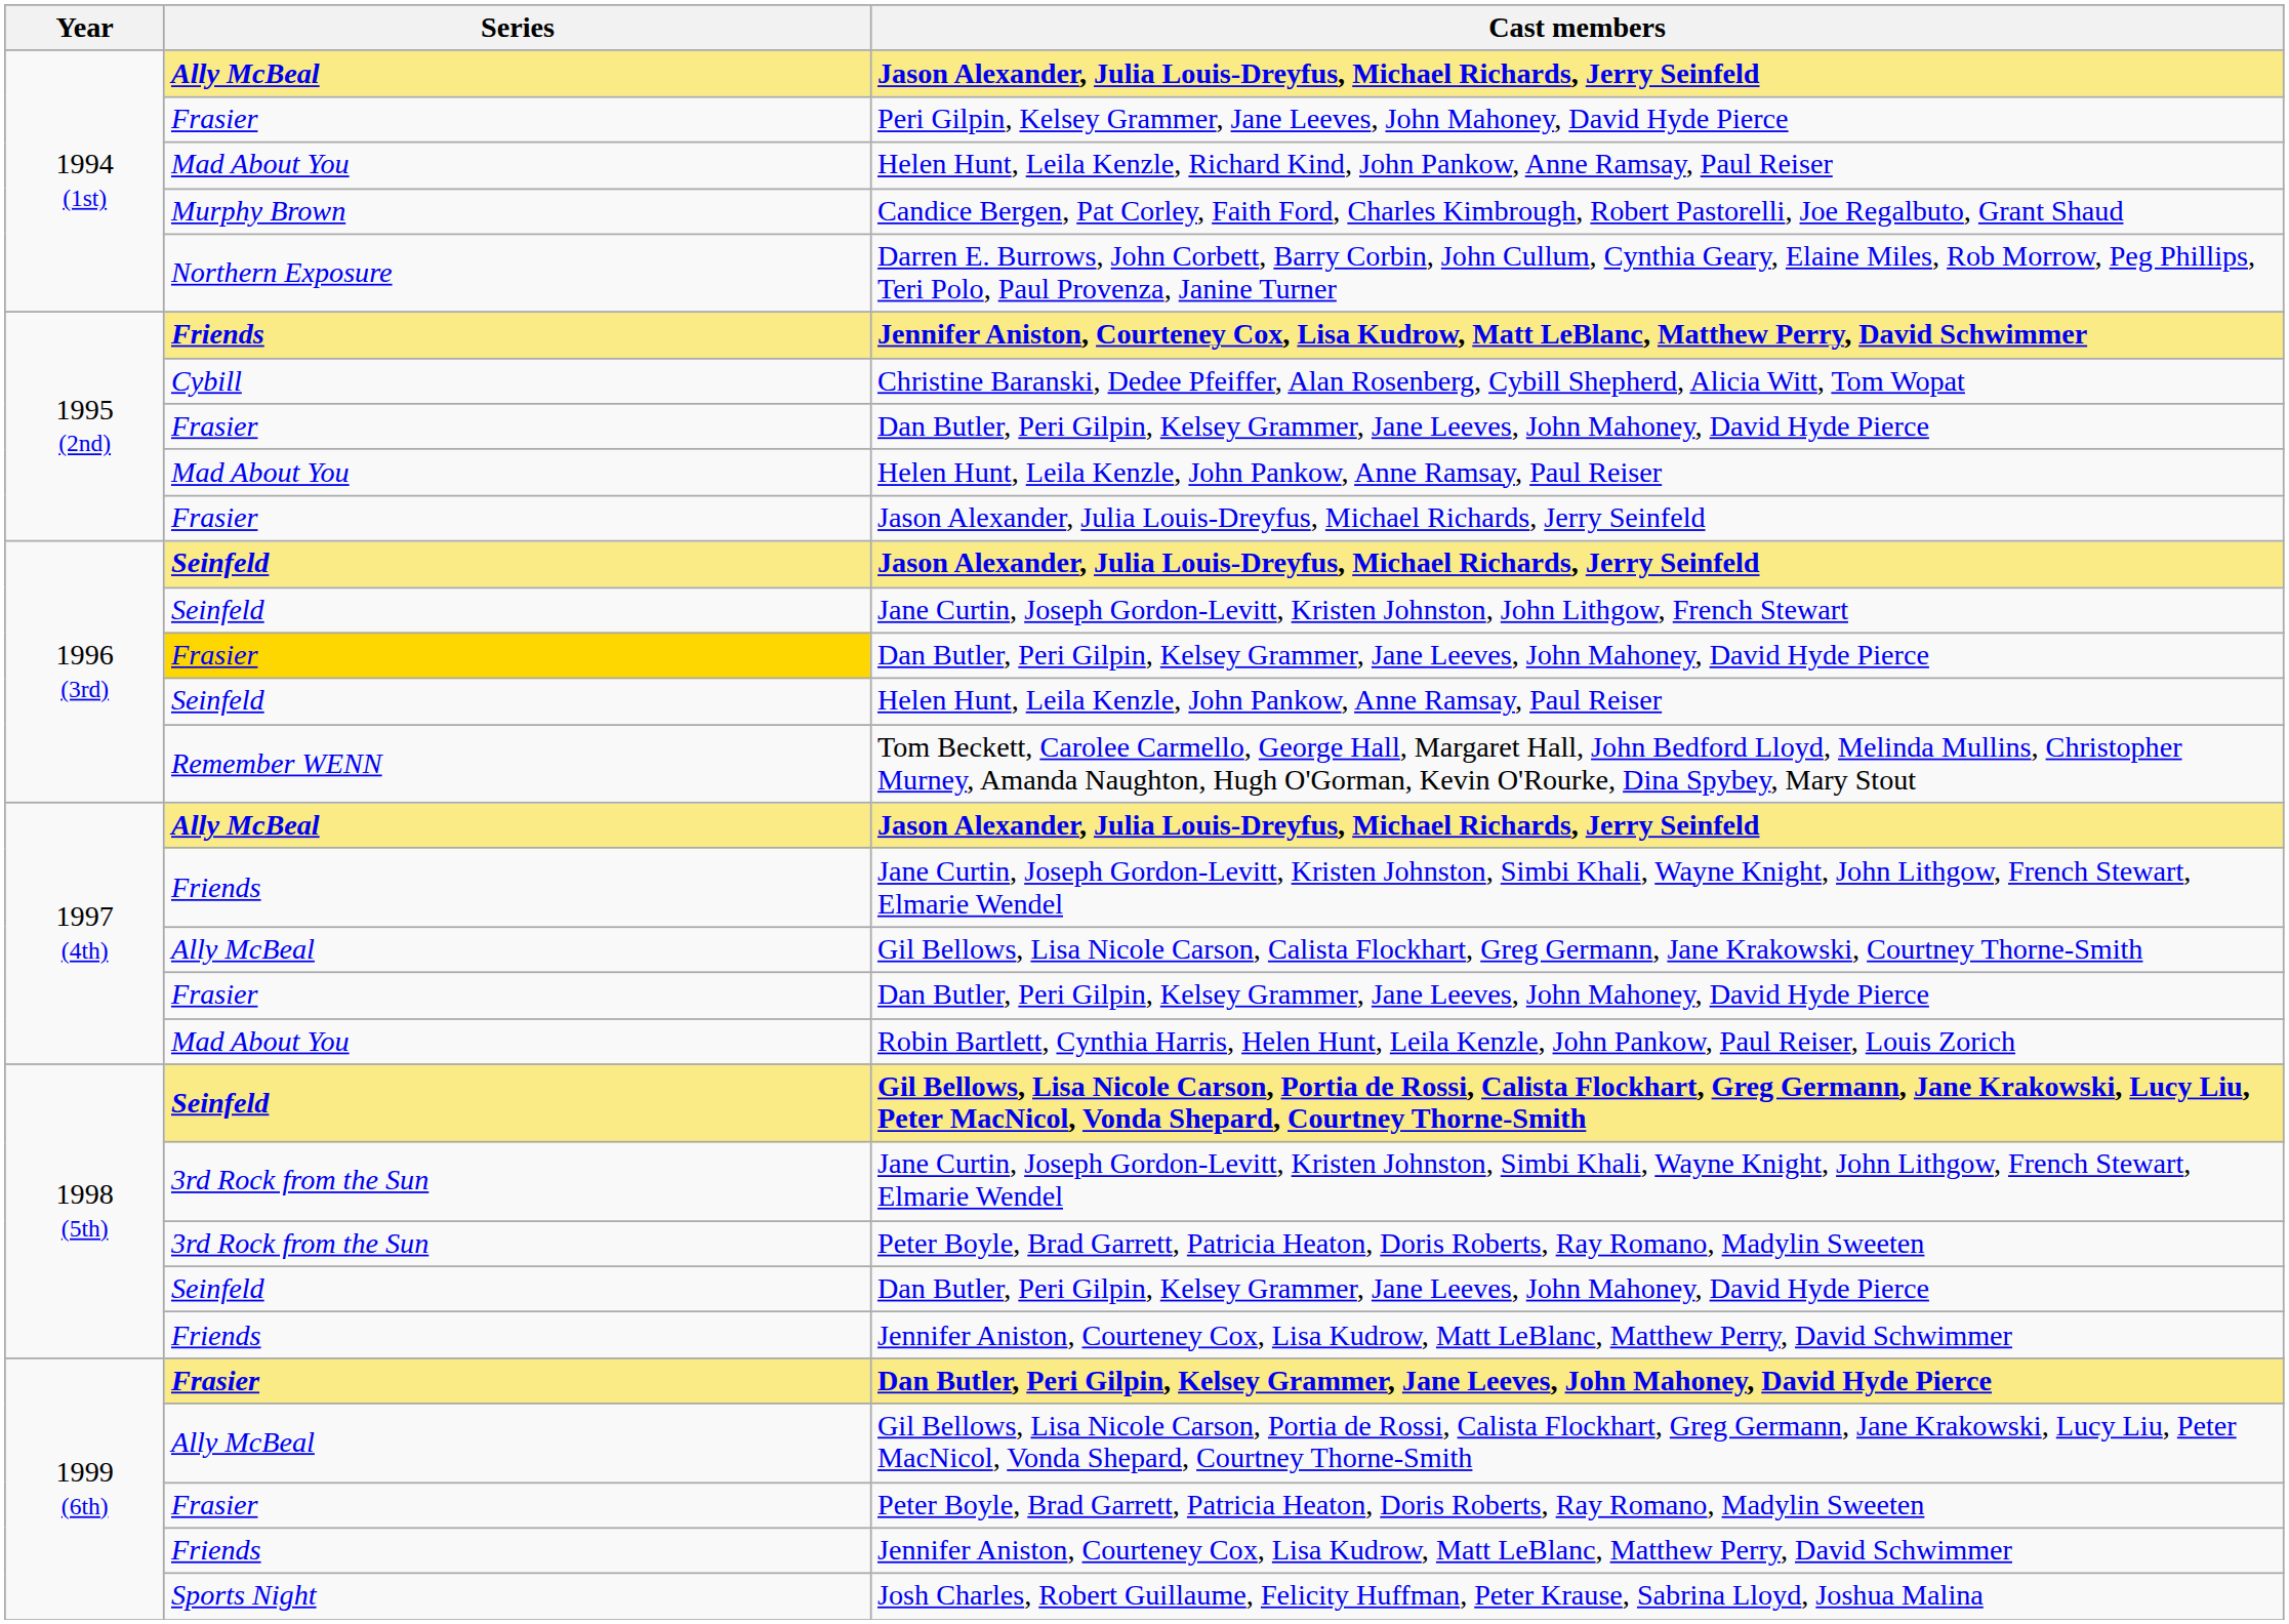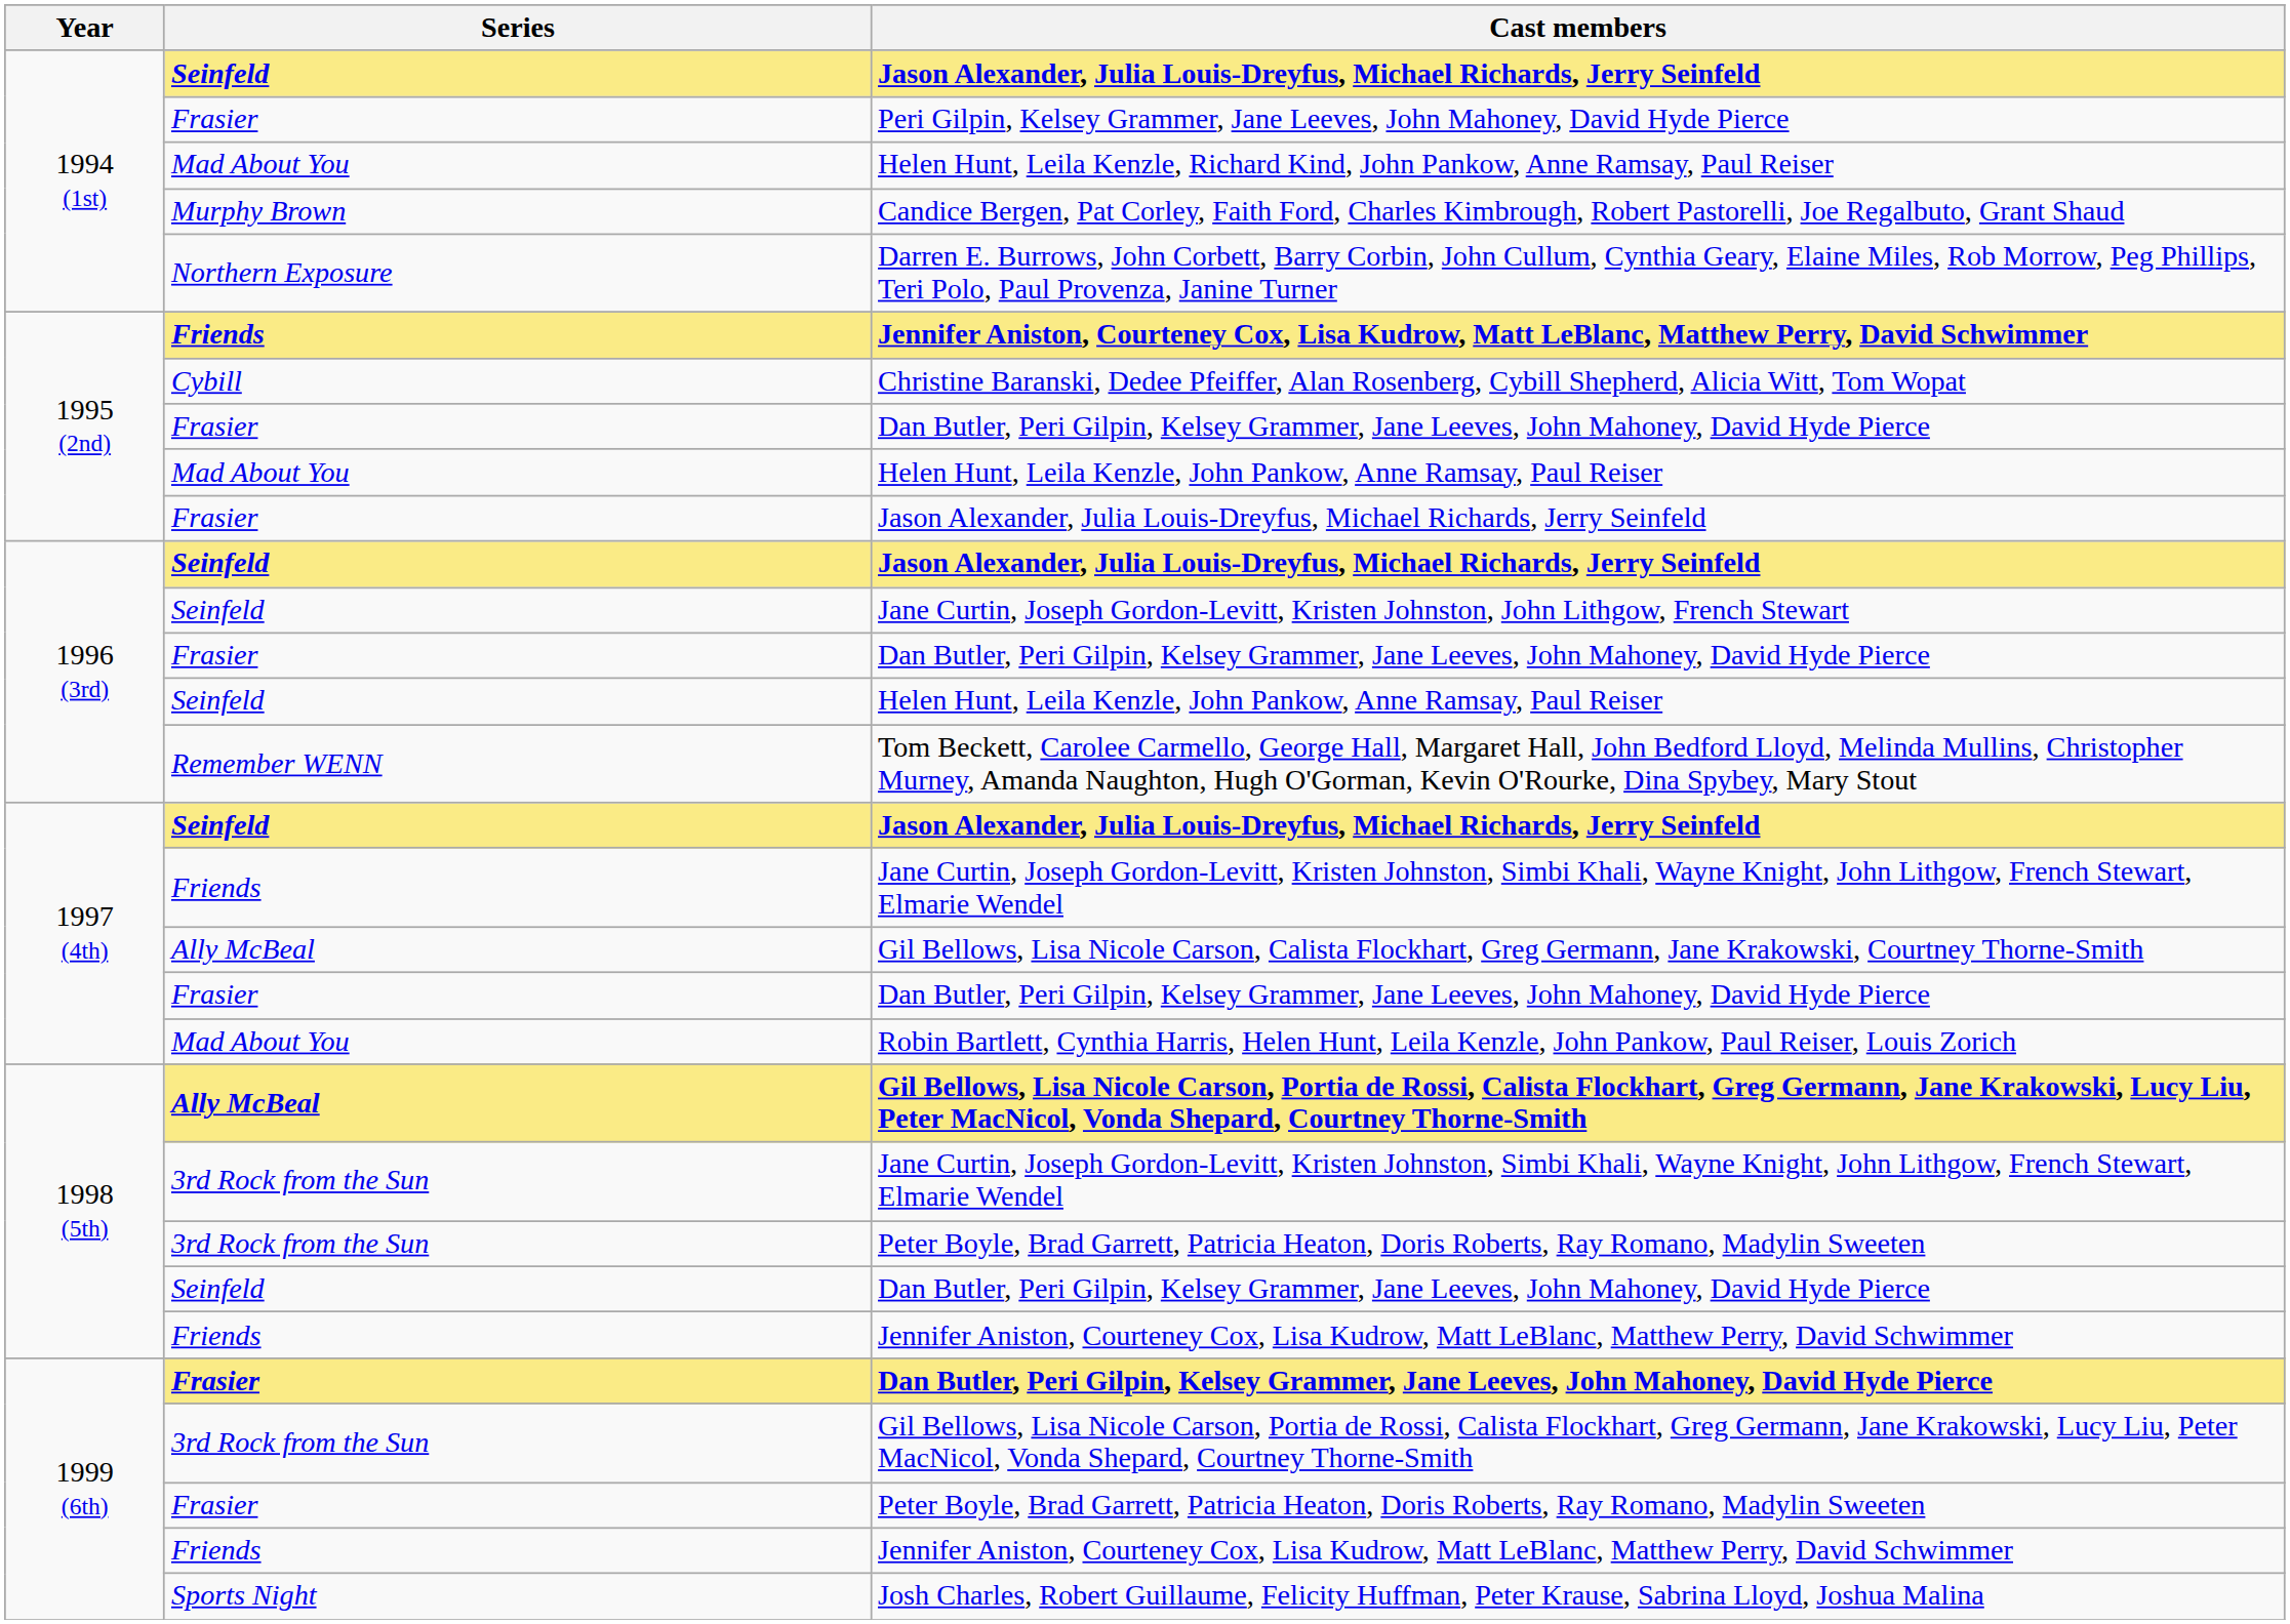 <table class="wikitable" width="100%" cellpadding="5">
 <tr>
 <th width="7%">Year</th>
 <th width="31%">Series</th>
 <th width="62%">Cast members</th>
 </tr>
 <tr>
 <td rowspan="5" align="center">1994<br><small><a href='#'>(1st)</a> </small></td>
-<td style="background:#FAEB86;"><strong><em><a href='#'>Ally McBeal</a></em></strong></td>
+<td style="background:#FAEB86;"><strong><em><a href='#'>Seinfeld</a></em></strong></td>
 <td style="background:#FAEB86;"><strong><a href='#'>Jason Alexander</a>, <a href='#'>Julia Louis-Dreyfus</a>, <a href='#'>Michael Richards</a>, <a href='#'>Jerry Seinfeld</a></strong></td>
 </tr>
 <tr>
 <td><em><a href='#'>Frasier</a></em></td>
 <td><a href='#'>Peri Gilpin</a>, <a href='#'>Kelsey Grammer</a>, <a href='#'>Jane Leeves</a>, <a href='#'>John Mahoney</a>, <a href='#'>David Hyde Pierce</a></td>
 </tr>
 <tr>
 <td><em><a href='#'>Mad About You</a></em></td>
 <td><a href='#'>Helen Hunt</a>, <a href='#'>Leila Kenzle</a>, <a href='#'>Richard Kind</a>, <a href='#'>John Pankow</a>, <a href='#'>Anne Ramsay</a>, <a href='#'>Paul Reiser</a></td>
 </tr>
 <tr>
 <td><em><a href='#'>Murphy Brown</a></em></td>
 <td><a href='#'>Candice Bergen</a>, <a href='#'>Pat Corley</a>, <a href='#'>Faith Ford</a>, <a href='#'>Charles Kimbrough</a>, <a href='#'>Robert Pastorelli</a>, <a href='#'>Joe Regalbuto</a>, <a href='#'>Grant Shaud</a></td>
 </tr>
 <tr>
 <td><em><a href='#'>Northern Exposure</a></em></td>
 <td><a href='#'>Darren E. Burrows</a>, <a href='#'>John Corbett</a>, <a href='#'>Barry Corbin</a>, <a href='#'>John Cullum</a>, <a href='#'>Cynthia Geary</a>, <a href='#'>Elaine Miles</a>, <a href='#'>Rob Morrow</a>, <a href='#'>Peg Phillips</a>, <a href='#'>Teri Polo</a>, <a href='#'>Paul Provenza</a>, <a href='#'>Janine Turner</a></td>
 </tr>
 <tr>
 <td rowspan="5" align="center">1995<br><small><a href='#'>(2nd)</a> </small></td>
 <td style="background:#FAEB86;"><strong><em><a href='#'>Friends</a></em></strong></td>
 <td style="background:#FAEB86;"><strong><a href='#'>Jennifer Aniston</a>, <a href='#'>Courteney Cox</a>, <a href='#'>Lisa Kudrow</a>, <a href='#'>Matt LeBlanc</a>, <a href='#'>Matthew Perry</a>, <a href='#'>David Schwimmer</a></strong></td>
 </tr>
 <tr>
 <td><em><a href='#'>Cybill</a></em></td>
 <td><a href='#'>Christine Baranski</a>, <a href='#'>Dedee Pfeiffer</a>, <a href='#'>Alan Rosenberg</a>, <a href='#'>Cybill Shepherd</a>, <a href='#'>Alicia Witt</a>, <a href='#'>Tom Wopat</a></td>
 </tr>
 <tr>
 <td><em><a href='#'>Frasier</a></em></td>
 <td><a href='#'>Dan Butler</a>, <a href='#'>Peri Gilpin</a>, <a href='#'>Kelsey Grammer</a>, <a href='#'>Jane Leeves</a>, <a href='#'>John Mahoney</a>, <a href='#'>David Hyde Pierce</a></td>
 </tr>
 <tr>
 <td><em><a href='#'>Mad About You</a></em></td>
 <td><a href='#'>Helen Hunt</a>, <a href='#'>Leila Kenzle</a>, <a href='#'>John Pankow</a>, <a href='#'>Anne Ramsay</a>, <a href='#'>Paul Reiser</a></td>
 </tr>
 <tr>
 <td><em><a href='#'>Frasier</a></em></td>
 <td><a href='#'>Jason Alexander</a>, <a href='#'>Julia Louis-Dreyfus</a>, <a href='#'>Michael Richards</a>, <a href='#'>Jerry Seinfeld</a></td>
 </tr>
 <tr>
 <td rowspan="5" align="center">1996<br><small><a href='#'>(3rd)</a> </small></td>
 <td style="background:#FAEB86;"><strong><em><a href='#'>Seinfeld</a></em></strong></td>
 <td style="background:#FAEB86;"><strong><a href='#'>Jason Alexander</a>, <a href='#'>Julia Louis-Dreyfus</a>, <a href='#'>Michael Richards</a>, <a href='#'>Jerry Seinfeld</a></strong></td>
 </tr>
 <tr>
 <td><em><a href='#'>Seinfeld</a></em></td>
 <td><a href='#'>Jane Curtin</a>, <a href='#'>Joseph Gordon-Levitt</a>, <a href='#'>Kristen Johnston</a>, <a href='#'>John Lithgow</a>, <a href='#'>French Stewart</a></td>
 </tr>
 <tr>
-<td style="background: gold;"><em><a href='#'>Frasier</a></em></td>
+<td><em><a href='#'>Frasier</a></em></td>
 <td><a href='#'>Dan Butler</a>, <a href='#'>Peri Gilpin</a>, <a href='#'>Kelsey Grammer</a>, <a href='#'>Jane Leeves</a>, <a href='#'>John Mahoney</a>, <a href='#'>David Hyde Pierce</a></td>
 </tr>
 <tr>
 <td><em><a href='#'>Seinfeld</a></em></td>
 <td><a href='#'>Helen Hunt</a>, <a href='#'>Leila Kenzle</a>, <a href='#'>John Pankow</a>, <a href='#'>Anne Ramsay</a>, <a href='#'>Paul Reiser</a></td>
 </tr>
 <tr>
 <td><em><a href='#'>Remember WENN</a></em></td>
 <td>Tom Beckett, <a href='#'>Carolee Carmello</a>, <a href='#'>George Hall</a>, Margaret Hall, <a href='#'>John Bedford Lloyd</a>, <a href='#'>Melinda Mullins</a>, <a href='#'>Christopher Murney</a>, Amanda Naughton, Hugh O'Gorman, Kevin O'Rourke, <a href='#'>Dina Spybey</a>, Mary Stout</td>
 </tr>
 <tr>
 <td rowspan="5" align="center">1997<br><small><a href='#'>(4th)</a> </small></td>
-<td style="background:#FAEB86;"><strong><em><a href='#'>Ally McBeal</a></em></strong></td>
+<td style="background:#FAEB86;"><strong><em><a href='#'>Seinfeld</a></em></strong></td>
 <td style="background:#FAEB86;"><strong><a href='#'>Jason Alexander</a>, <a href='#'>Julia Louis-Dreyfus</a>, <a href='#'>Michael Richards</a>, <a href='#'>Jerry Seinfeld</a></strong></td>
 </tr>
 <tr>
 <td><em><a href='#'>Friends</a></em></td>
 <td><a href='#'>Jane Curtin</a>, <a href='#'>Joseph Gordon-Levitt</a>, <a href='#'>Kristen Johnston</a>, <a href='#'>Simbi Khali</a>, <a href='#'>Wayne Knight</a>, <a href='#'>John Lithgow</a>, <a href='#'>French Stewart</a>, <a href='#'>Elmarie Wendel</a></td>
 </tr>
 <tr>
 <td><em><a href='#'>Ally McBeal</a></em></td>
 <td><a href='#'>Gil Bellows</a>, <a href='#'>Lisa Nicole Carson</a>, <a href='#'>Calista Flockhart</a>, <a href='#'>Greg Germann</a>, <a href='#'>Jane Krakowski</a>, <a href='#'>Courtney Thorne-Smith</a></td>
 </tr>
 <tr>
 <td><em><a href='#'>Frasier</a></em></td>
 <td><a href='#'>Dan Butler</a>, <a href='#'>Peri Gilpin</a>, <a href='#'>Kelsey Grammer</a>, <a href='#'>Jane Leeves</a>, <a href='#'>John Mahoney</a>, <a href='#'>David Hyde Pierce</a></td>
 </tr>
 <tr>
 <td><em><a href='#'>Mad About You</a></em></td>
 <td><a href='#'>Robin Bartlett</a>, <a href='#'>Cynthia Harris</a>, <a href='#'>Helen Hunt</a>, <a href='#'>Leila Kenzle</a>, <a href='#'>John Pankow</a>, <a href='#'>Paul Reiser</a>, <a href='#'>Louis Zorich</a></td>
 </tr>
 <tr>
 <td rowspan="5" align="center">1998<br><small><a href='#'>(5th)</a> </small></td>
-<td style="background:#FAEB86;"><strong><em><a href='#'>Seinfeld</a></em></strong></td>
+<td style="background:#FAEB86;"><strong><em><a href='#'>Ally McBeal</a></em></strong></td>
 <td style="background:#FAEB86;"><strong><a href='#'>Gil Bellows</a>, <a href='#'>Lisa Nicole Carson</a>, <a href='#'>Portia de Rossi</a>, <a href='#'>Calista Flockhart</a>, <a href='#'>Greg Germann</a>, <a href='#'>Jane Krakowski</a>, <a href='#'>Lucy Liu</a>, <a href='#'>Peter MacNicol</a>, <a href='#'>Vonda Shepard</a>, <a href='#'>Courtney Thorne-Smith</a></strong></td>
 </tr>
 <tr>
 <td><em><a href='#'>3rd Rock from the Sun</a></em></td>
 <td><a href='#'>Jane Curtin</a>, <a href='#'>Joseph Gordon-Levitt</a>, <a href='#'>Kristen Johnston</a>, <a href='#'>Simbi Khali</a>, <a href='#'>Wayne Knight</a>, <a href='#'>John Lithgow</a>, <a href='#'>French Stewart</a>, <a href='#'>Elmarie Wendel</a></td>
 </tr>
 <tr>
 <td><em><a href='#'>3rd Rock from the Sun</a></em></td>
 <td><a href='#'>Peter Boyle</a>, <a href='#'>Brad Garrett</a>, <a href='#'>Patricia Heaton</a>, <a href='#'>Doris Roberts</a>, <a href='#'>Ray Romano</a>, <a href='#'>Madylin Sweeten</a></td>
 </tr>
 <tr>
 <td><em><a href='#'>Seinfeld</a></em></td>
 <td><a href='#'>Dan Butler</a>, <a href='#'>Peri Gilpin</a>, <a href='#'>Kelsey Grammer</a>, <a href='#'>Jane Leeves</a>, <a href='#'>John Mahoney</a>, <a href='#'>David Hyde Pierce</a></td>
 </tr>
 <tr>
 <td><em><a href='#'>Friends</a></em></td>
 <td><a href='#'>Jennifer Aniston</a>, <a href='#'>Courteney Cox</a>, <a href='#'>Lisa Kudrow</a>, <a href='#'>Matt LeBlanc</a>, <a href='#'>Matthew Perry</a>, <a href='#'>David Schwimmer</a></td>
 </tr>
 <tr>
 <td rowspan="5" align="center">1999<br><small><a href='#'>(6th)</a> </small></td>
 <td style="background:#FAEB86;"><strong><em><a href='#'>Frasier</a></em></strong></td>
 <td style="background:#FAEB86;"><strong><a href='#'>Dan Butler</a>, <a href='#'>Peri Gilpin</a>, <a href='#'>Kelsey Grammer</a>, <a href='#'>Jane Leeves</a>, <a href='#'>John Mahoney</a>, <a href='#'>David Hyde Pierce</a></strong></td>
 </tr>
 <tr>
-<td><em><a href='#'>Ally McBeal</a></em></td>
+<td><em><a href='#'>3rd Rock from the Sun</a></em></td>
 <td><a href='#'>Gil Bellows</a>, <a href='#'>Lisa Nicole Carson</a>, <a href='#'>Portia de Rossi</a>, <a href='#'>Calista Flockhart</a>, <a href='#'>Greg Germann</a>, <a href='#'>Jane Krakowski</a>, <a href='#'>Lucy Liu</a>, <a href='#'>Peter MacNicol</a>, <a href='#'>Vonda Shepard</a>, <a href='#'>Courtney Thorne-Smith</a></td>
 </tr>
 <tr>
 <td><em><a href='#'>Frasier</a></em></td>
 <td><a href='#'>Peter Boyle</a>, <a href='#'>Brad Garrett</a>, <a href='#'>Patricia Heaton</a>, <a href='#'>Doris Roberts</a>, <a href='#'>Ray Romano</a>, <a href='#'>Madylin Sweeten</a></td>
 </tr>
 <tr>
 <td><em><a href='#'>Friends</a></em></td>
 <td><a href='#'>Jennifer Aniston</a>, <a href='#'>Courteney Cox</a>, <a href='#'>Lisa Kudrow</a>, <a href='#'>Matt LeBlanc</a>, <a href='#'>Matthew Perry</a>, <a href='#'>David Schwimmer</a></td>
 </tr>
 <tr>
 <td><em><a href='#'>Sports Night</a></em></td>
 <td><a href='#'>Josh Charles</a>, <a href='#'>Robert Guillaume</a>, <a href='#'>Felicity Huffman</a>, <a href='#'>Peter Krause</a>, <a href='#'>Sabrina Lloyd</a>, <a href='#'>Joshua Malina</a></td>
 </tr>
 </table>
